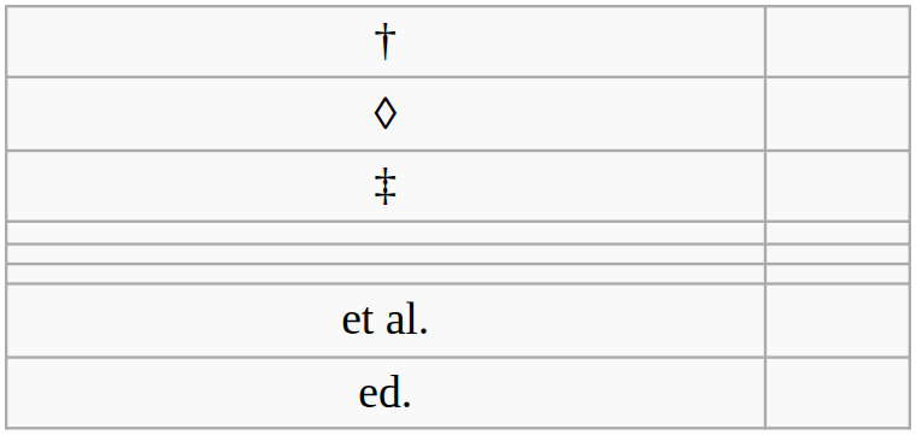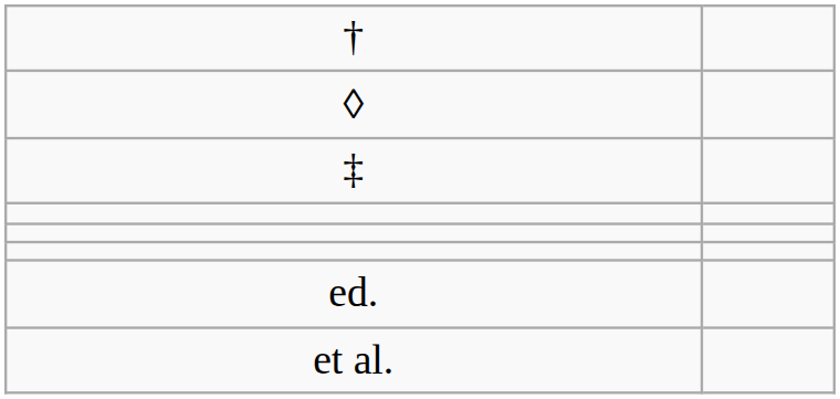 <table class="wikitable floatright" style="text-align: center; width: 20em;">
 <tr>
 <td>†</td>
 <td></td>
 </tr>
 <tr>
 <td>◊</td>
 <td></td>
 </tr>
 <tr>
 <td>‡</td>
 <td></td>
 </tr>
 <tr>
 <td><em></em></td>
 <td></td>
 </tr>
 <tr>
 <td><em></em></td>
 <td></td>
 </tr>
 <tr>
 <td><em></em></td>
 <td></td>
 </tr>
 <tr>
+<td>ed.</td>
+<td></td>
+</tr>
+<tr>
 <td>et al.</td>
 <td></td>
 </tr>
-<tr>
-<td>ed.</td>
-<td></td>
-</tr>
 </table>
